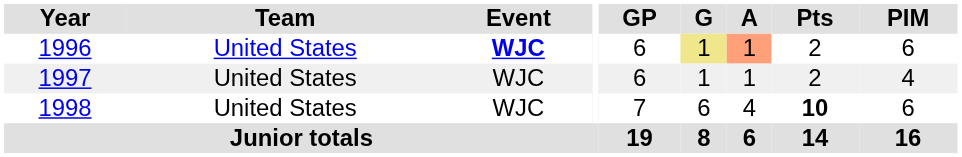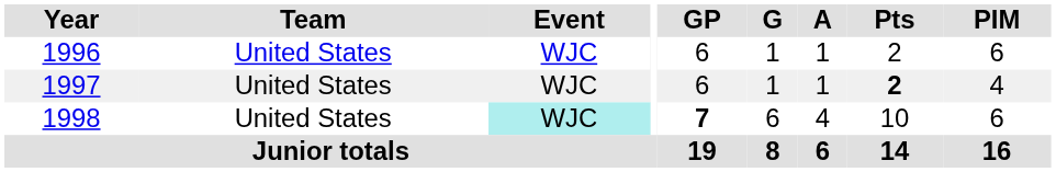 <table border="0" cellpadding="1" cellspacing="0" ID="Table3" style="text-align:center; width:40em">
 <tr bgcolor="#e0e0e0">
 <th>Year</th>
 <th>Team</th>
 <th>Event</th>
 <th rowspan="102" bgcolor="#ffffff"></th>
 <th>GP</th>
 <th>G</th>
 <th>A</th>
 <th>Pts</th>
 <th>PIM</th>
 </tr>
 <tr>
 <td><a href='#'>1996</a></td>
 <td><a href='#'>United States</a></td>
-<td><strong><a href='#'>WJC</a></strong></td>
+<td><a href='#'>WJC</a></td>
 <td>6</td>
-<td style="background: khaki;">1</td>
-<td style="background: lightsalmon;">1</td>
+<td>1</td>
+<td>1</td>
 <td>2</td>
 <td>6</td>
 </tr>
 <tr bgcolor="#f0f0f0">
 <td><a href='#'>1997</a></td>
 <td>United States</td>
 <td>WJC</td>
 <td>6</td>
 <td>1</td>
 <td>1</td>
-<td>2</td>
+<td><strong>2</strong></td>
 <td>4</td>
 </tr>
 <tr>
 <td><a href='#'>1998</a></td>
 <td>United States</td>
-<td>WJC</td>
-<td>7</td>
+<td style="background: paleturquoise;">WJC</td>
+<td><strong>7</strong></td>
 <td>6</td>
 <td>4</td>
-<td><strong>10</strong></td>
+<td>10</td>
 <td>6</td>
 </tr>
 <tr bgcolor="#e0e0e0">
 <th colspan="4">Junior totals</th>
 <th>19</th>
 <th>8</th>
 <th>6</th>
 <th>14</th>
 <th>16</th>
 </tr>
 </table>
